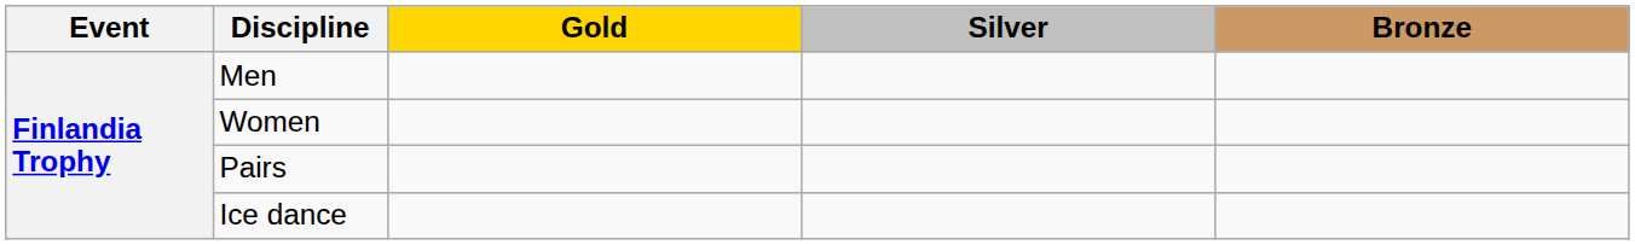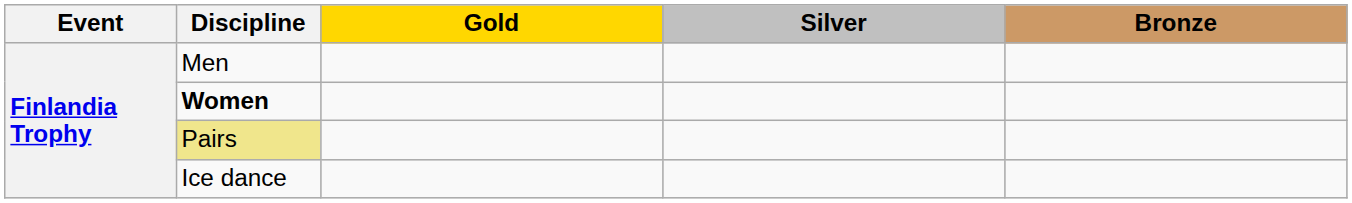 <table class="wikitable unsortable" style="text-align:left; width:100%;">
 <tr>
 <th scope="col" style="width:10%">Event</th>
 <th scope="col" style="width:5%">Discipline</th>
 <td scope="col" style="text-align:center; width:20%; background:gold"><strong>Gold</strong></td>
 <td scope="col" style="text-align:center; width:20%; background:silver"><strong>Silver</strong></td>
 <td scope="col" style="text-align:center; width:20%; background:#c96"><strong>Bronze</strong></td>
 </tr>
 <tr>
 <th scope="row" style="text-align:left" rowspan="4"> <a href='#'>Finlandia Trophy</a></th>
 <td>Men</td>
 <td></td>
 <td></td>
 <td></td>
 </tr>
 <tr>
-<td>Women</td>
+<td><strong>Women</strong></td>
 <td></td>
 <td></td>
 <td></td>
 </tr>
 <tr>
-<td>Pairs</td>
+<td style="background: khaki;">Pairs</td>
 <td></td>
 <td></td>
 <td></td>
 </tr>
 <tr>
 <td>Ice dance</td>
 <td></td>
 <td></td>
 <td></td>
 </tr>
 </table>
